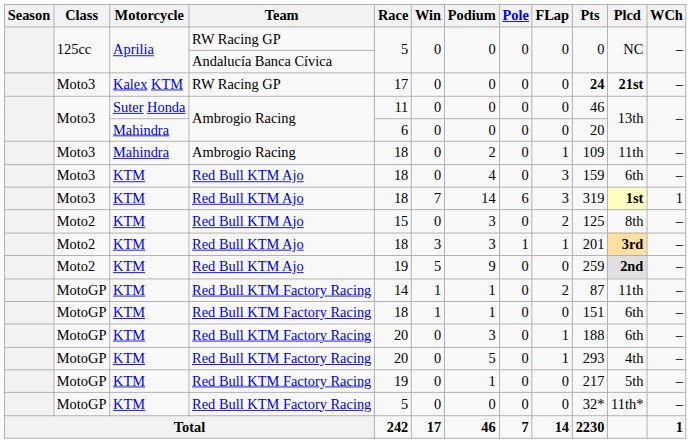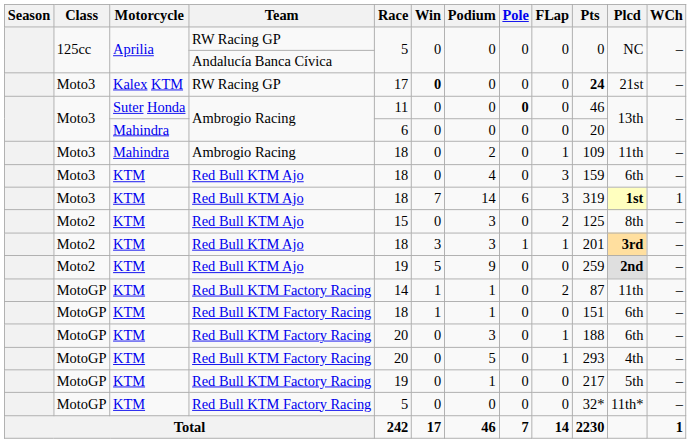 <table class="wikitable" style=text-align:right;">
 <tr>
 <th>Season</th>
 <th>Class</th>
 <th>Motorcycle</th>
 <th>Team</th>
 <th>Race</th>
 <th>Win</th>
 <th>Podium</th>
 <th><a href='#'>Pole</a></th>
 <th>FLap</th>
 <th>Pts</th>
 <th>Plcd</th>
 <th>WCh</th>
 </tr>
 <tr>
 <th rowspan="2"></th>
 <td style="text-align:left;" rowspan="2">125cc</td>
 <td style="text-align:left;" rowspan="2"><a href='#'>Aprilia</a></td>
 <td style="text-align:left;">RW Racing GP</td>
 <td rowspan="2">5</td>
 <td rowspan="2">0</td>
 <td rowspan="2">0</td>
 <td rowspan="2">0</td>
 <td rowspan="2">0</td>
 <td rowspan="2">0</td>
 <td rowspan="2">NC</td>
 <td rowspan="2">–</td>
 </tr>
 <tr>
 <td style="text-align:left;">Andalucía Banca Cívica</td>
 </tr>
 <tr>
 <th></th>
 <td style="text-align:left;">Moto3</td>
 <td style="text-align:left;"><a href='#'>Kalex</a> <a href='#'>KTM</a></td>
 <td style="text-align:left;">RW Racing GP</td>
 <td>17</td>
-<td>0</td>
+<td><strong>0</strong></td>
 <td>0</td>
 <td>0</td>
 <td>0</td>
 <td><strong>24</strong></td>
-<td><strong>21st</strong></td>
+<td>21st</td>
 <td>–</td>
 </tr>
 <tr>
 <th rowspan="2"></th>
 <td style="text-align:left;" rowspan="2">Moto3</td>
 <td style="text-align:left;"><a href='#'>Suter</a> <a href='#'>Honda</a></td>
 <td style="text-align:left;" rowspan="2">Ambrogio Racing</td>
 <td>11</td>
 <td>0</td>
 <td>0</td>
-<td>0</td>
+<td><strong>0</strong></td>
 <td>0</td>
 <td>46</td>
 <td rowspan="2">13th</td>
 <td rowspan="2">–</td>
 </tr>
 <tr>
 <td style="text-align:left;"><a href='#'>Mahindra</a></td>
 <td>6</td>
 <td>0</td>
 <td>0</td>
 <td>0</td>
 <td>0</td>
 <td>20</td>
 </tr>
 <tr>
 <th></th>
 <td style="text-align:left;">Moto3</td>
 <td style="text-align:left;"><a href='#'>Mahindra</a></td>
 <td style="text-align:left;">Ambrogio Racing</td>
 <td>18</td>
 <td>0</td>
 <td>2</td>
 <td>0</td>
 <td>1</td>
 <td>109</td>
 <td>11th</td>
 <td>–</td>
 </tr>
 <tr>
 <th></th>
 <td style="text-align:left;">Moto3</td>
 <td style="text-align:left;"><a href='#'>KTM</a></td>
 <td style="text-align:left;"><a href='#'>Red Bull KTM Ajo</a></td>
 <td>18</td>
 <td>0</td>
 <td>4</td>
 <td>0</td>
 <td>3</td>
 <td>159</td>
 <td>6th</td>
 <td>–</td>
 </tr>
 <tr>
 <th></th>
 <td style="text-align:left;">Moto3</td>
 <td style="text-align:left;"><a href='#'>KTM</a></td>
 <td style="text-align:left;"><a href='#'>Red Bull KTM Ajo</a></td>
 <td>18</td>
 <td>7</td>
 <td>14</td>
 <td>6</td>
 <td>3</td>
 <td>319</td>
 <td style="background:#FFFFBF;"><strong>1st</strong></td>
 <td>1</td>
 </tr>
 <tr>
 <th></th>
 <td style="text-align:left;">Moto2</td>
 <td style="text-align:left;"><a href='#'>KTM</a></td>
 <td style="text-align:left;"><a href='#'>Red Bull KTM Ajo</a></td>
 <td>15</td>
 <td>0</td>
 <td>3</td>
 <td>0</td>
 <td>2</td>
 <td>125</td>
 <td>8th</td>
 <td>–</td>
 </tr>
 <tr>
 <th></th>
 <td style="text-align:left;">Moto2</td>
 <td style="text-align:left;"><a href='#'>KTM</a></td>
 <td style="text-align:left;"><a href='#'>Red Bull KTM Ajo</a></td>
 <td>18</td>
 <td>3</td>
 <td>3</td>
 <td>1</td>
 <td>1</td>
 <td>201</td>
 <td style="background:#FFDF9F;"><strong>3rd</strong></td>
 <td>–</td>
 </tr>
 <tr>
 <th></th>
 <td style="text-align:left;">Moto2</td>
 <td style="text-align:left;"><a href='#'>KTM</a></td>
 <td style="text-align:left;"><a href='#'>Red Bull KTM Ajo</a></td>
 <td>19</td>
 <td>5</td>
 <td>9</td>
 <td>0</td>
 <td>0</td>
 <td>259</td>
 <td style="background:#DFDFDF;"><strong>2nd</strong></td>
 <td>–</td>
 </tr>
 <tr>
 <th></th>
 <td style="text-align:left;">MotoGP</td>
 <td style="text-align:left;"><a href='#'>KTM</a></td>
 <td style="text-align:left;"><a href='#'>Red Bull KTM Factory Racing</a></td>
 <td>14</td>
 <td>1</td>
 <td>1</td>
 <td>0</td>
 <td>2</td>
 <td>87</td>
 <td>11th</td>
 <td>–</td>
 </tr>
 <tr>
 <th></th>
 <td style="text-align:left;">MotoGP</td>
 <td style="text-align:left;"><a href='#'>KTM</a></td>
 <td style="text-align:left;"><a href='#'>Red Bull KTM Factory Racing</a></td>
 <td>18</td>
 <td>1</td>
 <td>1</td>
 <td>0</td>
 <td>0</td>
 <td>151</td>
 <td>6th</td>
 <td>–</td>
 </tr>
 <tr>
 <th></th>
 <td style="text-align:left;">MotoGP</td>
 <td style="text-align:left;"><a href='#'>KTM</a></td>
 <td style="text-align:left;"><a href='#'>Red Bull KTM Factory Racing</a></td>
 <td>20</td>
 <td>0</td>
 <td>3</td>
 <td>0</td>
 <td>1</td>
 <td>188</td>
 <td>6th</td>
 <td>–</td>
 </tr>
 <tr>
 <th></th>
 <td style="text-align:left;">MotoGP</td>
 <td style="text-align:left;"><a href='#'>KTM</a></td>
 <td style="text-align:left;"><a href='#'>Red Bull KTM Factory Racing</a></td>
 <td>20</td>
 <td>0</td>
 <td>5</td>
 <td>0</td>
 <td>1</td>
 <td>293</td>
 <td>4th</td>
 <td>–</td>
 </tr>
 <tr>
 <th></th>
 <td style="text-align:left;">MotoGP</td>
 <td style="text-align:left;"><a href='#'>KTM</a></td>
 <td style="text-align:left;"><a href='#'>Red Bull KTM Factory Racing</a></td>
 <td>19</td>
 <td>0</td>
 <td>1</td>
 <td>0</td>
 <td>0</td>
 <td>217</td>
 <td>5th</td>
 <td>–</td>
 </tr>
 <tr>
 <th></th>
 <td style="text-align:left;">MotoGP</td>
 <td style="text-align:left;"><a href='#'>KTM</a></td>
 <td style="text-align:left;"><a href='#'>Red Bull KTM Factory Racing</a></td>
 <td>5</td>
 <td>0</td>
 <td>0</td>
 <td>0</td>
 <td>0</td>
 <td>32*</td>
 <td>11th*</td>
 <td>–</td>
 </tr>
 <tr>
 <th colspan="4">Total</th>
 <td><strong>242</strong></td>
 <td><strong>17</strong></td>
 <td><strong>46</strong></td>
 <td><strong>7</strong></td>
 <td><strong>14</strong></td>
 <td><strong>2230</strong></td>
 <td></td>
 <td><strong>1</strong></td>
 </tr>
 </table>
